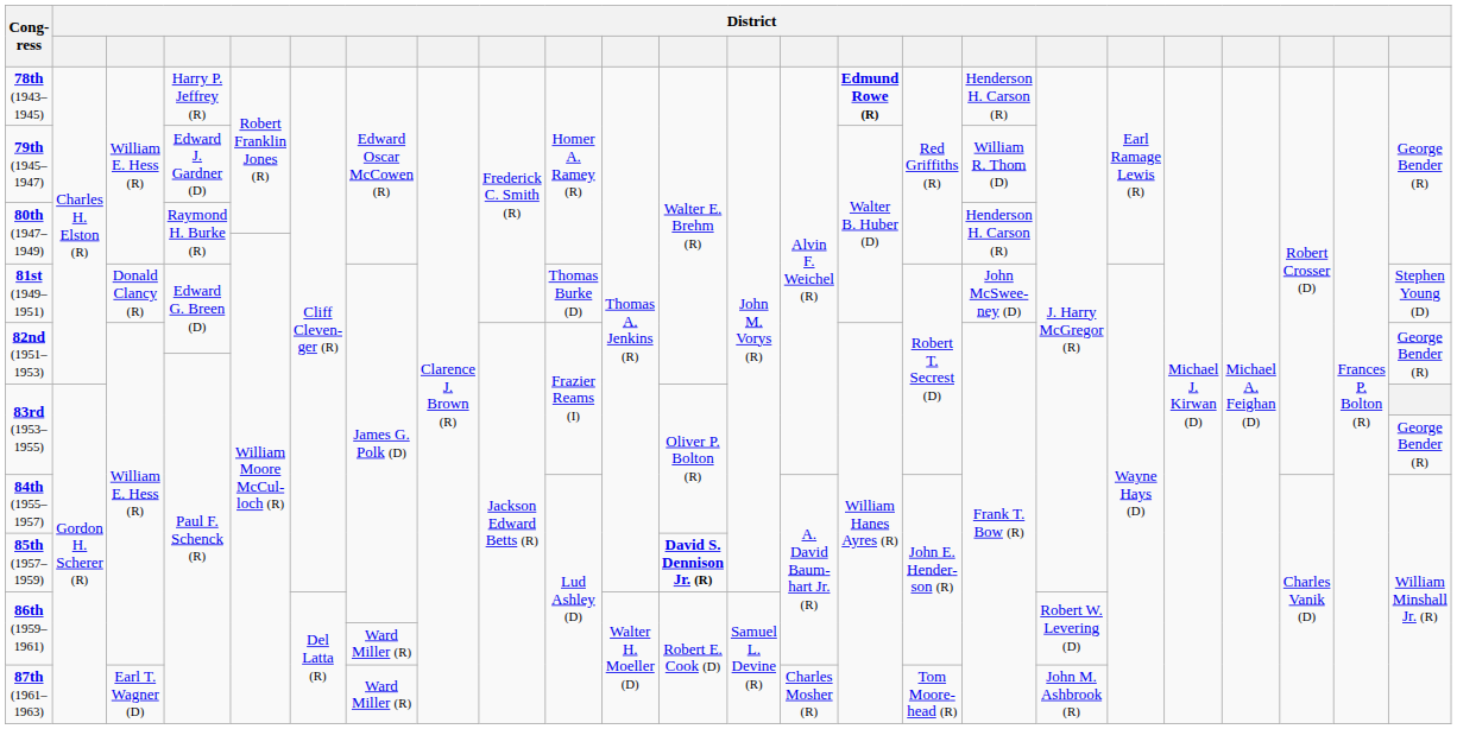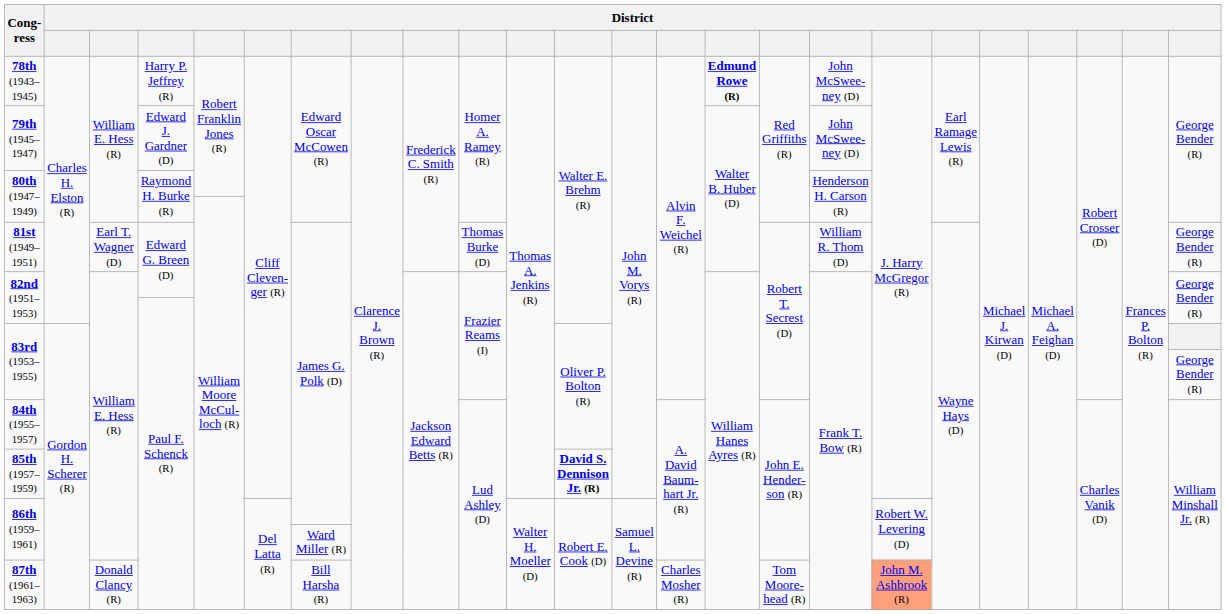 <table class=wikitable style="text-align:center">
 <tr style="height:2em">
 <th rowspan=2>Cong­ress</th>
 <th colspan="23">District</th>
 </tr>
 <tr style="height:2em">
 <th></th>
 <th></th>
 <th></th>
 <th></th>
 <th></th>
 <th></th>
 <th></th>
 <th></th>
 <th></th>
 <th></th>
 <th></th>
 <th></th>
 <th></th>
 <th></th>
 <th></th>
 <th></th>
 <th></th>
 <th></th>
 <th></th>
 <th></th>
 <th></th>
 <th></th>
 <th></th>
 </tr>
 <tr style="height:2em">
 <td><strong><a href='#'>78th</a></strong><br><small>(1943–1945)</small></td>
 <td rowspan=7 ><a href='#'>Charles H. Elston</a> <small>(R)</small></td>
 <td rowspan=4 ><a href='#'>William E. Hess</a> <small>(R)</small></td>
 <td><a href='#'>Harry P. Jeffrey</a> <small>(R)</small></td>
 <td rowspan=3 ><a href='#'>Robert Franklin Jones</a> <small>(R)</small></td>
 <td rowspan=11 ><a href='#'>Cliff Cleven­ger</a> <small>(R)</small></td>
 <td rowspan=4 ><a href='#'>Edward Oscar McCowen</a> <small>(R)</small></td>
 <td rowspan=14 ><a href='#'>Clarence J. Brown</a> <small>(R)</small></td>
 <td rowspan=5 ><a href='#'>Frederick C. Smith</a> <small>(R)</small></td>
 <td rowspan=4 ><a href='#'>Homer A. Ramey</a> <small>(R)</small></td>
 <td rowspan=11 ><a href='#'>Thomas A. Jenkins</a> <small>(R)</small></td>
 <td rowspan=7 ><a href='#'>Walter E. Brehm</a> <small>(R)</small></td>
 <td rowspan=11 ><a href='#'>John M. Vorys</a> <small>(R)</small></td>
 <td rowspan=9 ><a href='#'>Alvin F. Weichel</a> <small>(R)</small></td>
 <td><strong><a href='#'>Edmund Rowe</a> <small>(R)</small></strong></td>
 <td rowspan=4 ><a href='#'>Red Griffiths</a> <small>(R)</small></td>
-<td><a href='#'>Henderson H. Carson</a> <small>(R)</small></td>
+<td><a href='#'>John McSwee­ney</a> <small>(D)</small></td>
 <td rowspan=11 ><a href='#'>J. Harry McGregor</a> <small>(R)</small></td>
 <td rowspan=4 ><a href='#'>Earl Ramage Lewis</a> <small>(R)</small></td>
 <td rowspan=14 ><a href='#'>Michael J. Kirwan</a> <small>(D)</small></td>
 <td rowspan=14 ><a href='#'>Michael A. Feighan</a> <small>(D)</small></td>
 <td rowspan=9 ><a href='#'>Robert Crosser</a> <small>(D)</small></td>
 <td rowspan=14 ><a href='#'>Frances P. Bolton</a> <small>(R)</small></td>
 <td rowspan=4 ><a href='#'>George Bender</a> <small>(R)</small></td>
 </tr>
 <tr style="height:2em">
 <td><strong><a href='#'>79th</a></strong><br><small>(1945–1947)</small></td>
 <td><a href='#'>Edward J. Gardner</a> <small>(D)</small></td>
 <td rowspan=4 ><a href='#'>Walter B. Huber</a> <small>(D)</small></td>
-<td><a href='#'>William R. Thom</a> <small>(D)</small></td>
+<td><a href='#'>John McSwee­ney</a> <small>(D)</small></td>
 </tr>
 <tr style="height:2em">
 <td rowspan=2><strong><a href='#'>80th</a></strong><br><small>(1947–1949)</small></td>
 <td rowspan=2 ><a href='#'>Raymond H. Burke</a> <small>(R)</small></td>
 <td rowspan=2 ><a href='#'>Henderson H. Carson</a> <small>(R)</small></td>
 </tr>
 <tr style="height:2em">
 <td rowspan=11 ><a href='#'>William Moore McCul­loch</a> <small>(R)</small></td>
 </tr>
 <tr style="height:2em">
 <td><strong><a href='#'>81st</a></strong><br><small>(1949–1951)</small></td>
-<td><a href='#'>Donald Clancy</a> <small>(R)</small></td>
+<td><a href='#'>Earl T. Wagner</a> <small>(D)</small></td>
 <td rowspan=2 ><a href='#'>Edward G. Breen</a> <small>(D)</small></td>
 <td rowspan=8 ><a href='#'>James G. Polk</a> <small>(D)</small></td>
 <td><a href='#'>Thomas Burke</a> <small>(D)</small></td>
 <td rowspan=5 ><a href='#'>Robert T. Secrest</a> <small>(D)</small></td>
-<td><a href='#'>John McSwee­ney</a> <small>(D)</small></td>
+<td><a href='#'>William R. Thom</a> <small>(D)</small></td>
 <td rowspan=10 ><a href='#'>Wayne Hays</a> <small>(D)</small></td>
-<td><a href='#'>Stephen Young</a> <small>(D)</small></td>
+<td><a href='#'>George Bender</a> <small>(R)</small></td>
 </tr>
 <tr style="height:2em">
 <td rowspan=2><strong><a href='#'>82nd</a></strong><br><small>(1951–1953)</small></td>
 <td rowspan=8 ><a href='#'>William E. Hess</a> <small>(R)</small></td>
 <td rowspan=9 ><a href='#'>Jackson Edward Betts</a> <small>(R)</small></td>
 <td rowspan=4 ><a href='#'>Frazier Reams</a> <small>(I)</small></td>
 <td rowspan=9 ><a href='#'>William Hanes Ayres</a> <small>(R)</small></td>
 <td rowspan=9 ><a href='#'>Frank T. Bow</a> <small>(R)</small></td>
 <td rowspan=2 ><a href='#'>George Bender</a> <small>(R)</small></td>
 </tr>
 <tr style="height:2em">
 <td rowspan=8 ><a href='#'>Paul F. Schenck</a> <small>(R)</small></td>
 </tr>
 <tr style="height:2em">
 <td rowspan=2><strong><a href='#'>83rd</a></strong><br><small>(1953–1955)</small></td>
 <td rowspan=7 ><a href='#'>Gordon H. Scherer</a> <small>(R)</small></td>
 <td rowspan=3 ><a href='#'>Oliver P. Bolton</a> <small>(R)</small></td>
 <th></th>
 </tr>
 <tr style="height:2em">
 <td><a href='#'>George Bender</a> <small>(R)</small></td>
 </tr>
 <tr style="height:2em">
 <td><strong><a href='#'>84th</a></strong><br><small>(1955–1957)</small></td>
 <td rowspan=5 ><a href='#'>Lud Ashley</a> <small>(D)</small></td>
 <td rowspan=4 ><a href='#'>A. David Baum­hart Jr.</a> <small>(R)</small></td>
 <td rowspan=4 ><a href='#'>John E. Hender­son</a> <small>(R)</small></td>
 <td rowspan=5 ><a href='#'>Charles Vanik</a> <small>(D)</small></td>
 <td rowspan=5 ><a href='#'>William Minshall Jr.</a> <small>(R)</small></td>
 </tr>
 <tr style="height:2em">
 <td><strong><a href='#'>85th</a></strong><br><small>(1957–1959)</small></td>
 <td><strong><a href='#'>David S. Dennison Jr.</a> <small>(R)</small></strong></td>
 </tr>
 <tr style="height:2em">
 <td rowspan=2><strong><a href='#'>86th</a></strong><br><small>(1959–1961)</small></td>
 <td rowspan=3 ><a href='#'>Del Latta</a> <small>(R)</small></td>
 <td rowspan=3 ><a href='#'>Walter H. Moeller</a> <small>(D)</small></td>
 <td rowspan=3 ><a href='#'>Robert E. Cook</a> <small>(D)</small></td>
 <td rowspan=3 ><a href='#'>Samuel L. Devine</a> <small>(R)</small></td>
 <td rowspan=2 ><a href='#'>Robert W. Levering</a> <small>(D)</small></td>
 </tr>
 <tr style="height:2em">
 <td><a href='#'>Ward Miller</a> <small>(R)</small></td>
 </tr>
 <tr style="height:2em">
 <td><strong><a href='#'>87th</a></strong><br><small>(1961–1963)</small></td>
-<td><a href='#'>Earl T. Wagner</a> <small>(D)</small></td>
-<td><a href='#'>Ward Miller</a> <small>(R)</small></td>
+<td><a href='#'>Donald Clancy</a> <small>(R)</small></td>
+<td><a href='#'>Bill Harsha</a> <small>(R)</small></td>
 <td><a href='#'>Charles Mosher</a> <small>(R)</small></td>
 <td><a href='#'>Tom Moore­head</a> <small>(R)</small></td>
-<td><a href='#'>John M. Ash­brook</a> <small>(R)</small></td>
+<td style="background: lightsalmon;"><a href='#'>John M. Ash­brook</a> <small>(R)</small></td>
 </tr>
 </table>
